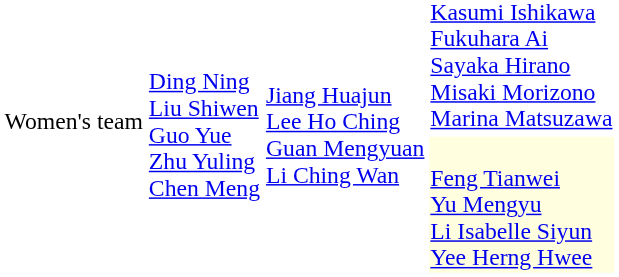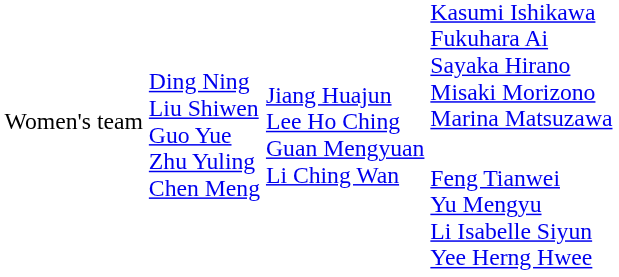 <table>
 <tr>
 <td rowspan=2>Women's team</td>
 <td rowspan=2><br><a href='#'>Ding Ning</a><br><a href='#'>Liu Shiwen</a><br><a href='#'>Guo Yue</a><br><a href='#'>Zhu Yuling</a><br><a href='#'>Chen Meng</a></td>
 <td rowspan=2><br><a href='#'>Jiang Huajun</a><br><a href='#'>Lee Ho Ching</a><br><a href='#'>Guan Mengyuan</a><br><a href='#'>Li Ching Wan</a></td>
 <td><br><a href='#'>Kasumi Ishikawa</a><br><a href='#'>Fukuhara Ai</a><br><a href='#'>Sayaka Hirano</a><br><a href='#'>Misaki Morizono</a><br><a href='#'>Marina Matsuzawa</a></td>
 </tr>
 <tr>
-<td style="background: lightyellow;"><br><a href='#'>Feng Tianwei</a><br><a href='#'>Yu Mengyu</a><br><a href='#'>Li Isabelle Siyun</a><br><a href='#'>Yee Herng Hwee</a></td>
+<td><br><a href='#'>Feng Tianwei</a><br><a href='#'>Yu Mengyu</a><br><a href='#'>Li Isabelle Siyun</a><br><a href='#'>Yee Herng Hwee</a></td>
 </tr>
 <tr>
 </tr>
 </table>
